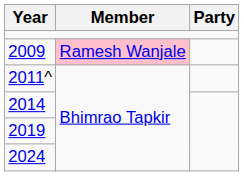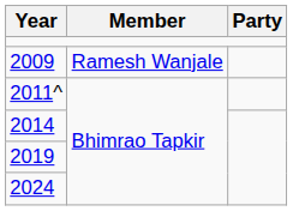 <table class="wikitable">
 <tr>
 <th>Year</th>
 <th>Member</th>
 <th colspan="2">Party</th>
 </tr>
 <tr>
 <td colspan="4"></td>
 </tr>
 <tr>
 <td><a href='#'>2009</a></td>
-<td style="background: pink;"><a href='#'>Ramesh Wanjale</a></td>
+<td><a href='#'>Ramesh Wanjale</a></td>
 <td></td>
 </tr>
 <tr>
 <td><a href='#'>2011</a>^</td>
 <td rowspan="4"><a href='#'>Bhimrao Tapkir</a></td>
 <td></td>
 </tr>
 <tr>
 <td><a href='#'>2014</a></td>
 </tr>
 <tr>
 <td><a href='#'>2019</a></td>
 </tr>
 <tr>
 <td><a href='#'>2024</a></td>
 </tr>
 </table>
